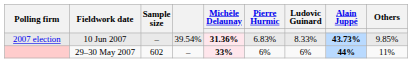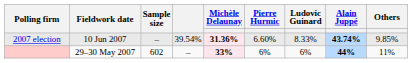 <table class="wikitable sortable" style="text-align:center;font-size:90%;line-height:14px;">
 <tr style="height:40px;">
 <th style="width:100px;" rowspan="2">Polling firm</th>
 <th style="width:110px;" rowspan="2">Fieldwork date</th>
 <th style="width:35px;" rowspan="2">Sample<br>size</th>
 <th style="width:30px;" rowspan="2"></th>
 <th class="unsortable" style="width:60px;"><a href='#'>Michèle Delaunay</a><br></th>
 <th class="unsortable" style="width:60px;"><a href='#'>Pierre Hurmic</a><br></th>
 <th class="unsortable" style="width:60px;">Ludovic Guinard<br></th>
 <th class="unsortable" style="width:60px;"><a href='#'>Alain Juppé</a><br></th>
 <th class="unsortable" style="width:60px;">Others</th>
 </tr>
 <tr>
 <th style="background:"></th>
 <th style="background:"></th>
 <th style="background:"></th>
 <th style="background:"></th>
 <th style="background:"></th>
 </tr>
 <tr style="background:#E9E9E9;">
 <td><a href='#'>2007 election</a></td>
 <td data-sort-value="2007-06-10">10 Jun 2007</td>
 <td>–</td>
 <td>39.54%</td>
 <td style="background:#FFE6EC;"><strong>31.36%</strong></td>
-<td>6.83%</td>
+<td>6.60%</td>
 <td>8.33%</td>
-<td style="background:#B9DAFF;"><strong>43.73%</strong></td>
+<td style="background:#B9DAFF;"><strong>43.74%</strong></td>
 <td>9.85%</td>
 </tr>
 <tr>
 <td style="background:#FFCCCC;"></td>
 <td data-sort-value="2007-05-30">29–30 May 2007</td>
 <td>602</td>
 <td>–</td>
 <td style="background:#FFE6EC;"><strong>33%</strong></td>
 <td>6%</td>
 <td>6%</td>
 <td style="background:#B9DAFF;"><strong>44%</strong></td>
 <td>11%</td>
 </tr>
 </table>
